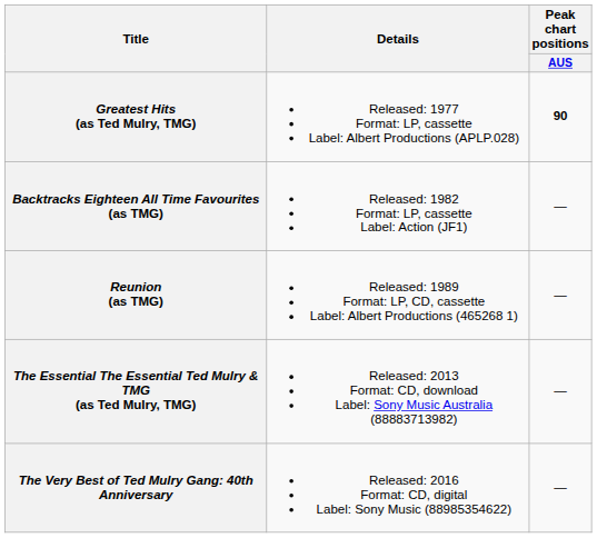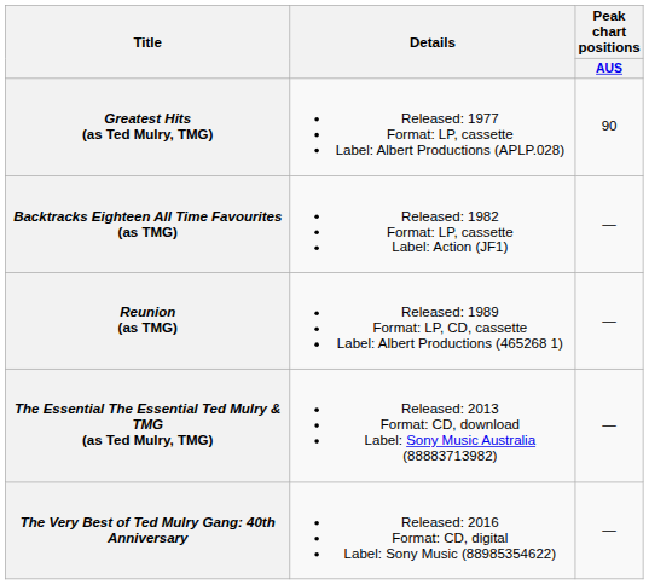 <table class="wikitable plainrowheaders" style="text-align:center">
 <tr>
 <th scope="col" rowspan="2" style="width:20em;">Title</th>
 <th scope="col" rowspan="2" style="width:20em;">Details</th>
 <th scope="col" colspan="1">Peak chart positions</th>
 </tr>
 <tr>
 <th scope="col" style="width:3em; font-size:90%"><a href='#'>AUS</a><br></th>
 </tr>
 <tr>
 <th scope="row"><em>Greatest Hits</em> <br> (as Ted Mulry, TMG)</th>
 <td><br><ul><li>Released: 1977</li><li>Format: LP, cassette</li><li>Label: Albert Productions (APLP.028)</li></ul></td>
-<td><strong>90</strong></td>
+<td>90</td>
 </tr>
 <tr>
 <th scope="row"><em>Backtracks Eighteen All Time Favourites</em> <br> (as TMG)</th>
 <td><br><ul><li>Released: 1982</li><li>Format: LP, cassette</li><li>Label: Action (JF1)</li></ul></td>
 <td>—</td>
 </tr>
 <tr>
 <th scope="row"><em>Reunion</em> <br> (as TMG)</th>
 <td><br><ul><li>Released: 1989</li><li>Format: LP, CD, cassette</li><li>Label: Albert Productions (465268 1)</li></ul></td>
 <td>—</td>
 </tr>
 <tr>
 <th scope="row"><em>The Essential The Essential Ted Mulry & TMG</em> <br> (as Ted Mulry, TMG)</th>
 <td><br><ul><li>Released: 2013</li><li>Format: CD, download</li><li>Label: <a href='#'>Sony Music Australia</a> (88883713982)</li></ul></td>
 <td>—</td>
 </tr>
 <tr>
 <th scope="row"><em>The Very Best of Ted Mulry Gang: 40th Anniversary</em></th>
 <td><br><ul><li>Released: 2016</li><li>Format: CD, digital</li><li>Label: Sony Music (88985354622)</li></ul></td>
 <td>—</td>
 </tr>
 </table>
